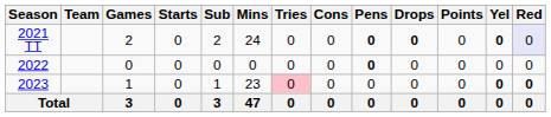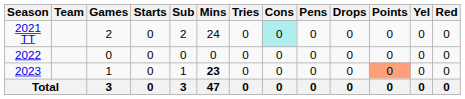 <table class="wikitable" style="text-align:center; line-height:90%; font-size:95%; width:60%;">
 <tr>
 <th>Season</th>
 <th>Team</th>
 <th>Games</th>
 <th>Starts</th>
 <th>Sub</th>
 <th>Mins</th>
 <th>Tries</th>
 <th>Cons</th>
 <th>Pens</th>
 <th>Drops</th>
 <th>Points</th>
 <th>Yel</th>
 <th>Red</th>
 </tr>
 <tr>
 <td><a href='#'>2021 TT</a></td>
 <td></td>
 <td>2</td>
 <td>0</td>
 <td>2</td>
 <td>24</td>
 <td>0</td>
+<td style="background: paleturquoise;">0</td>
 <td>0</td>
-<td><strong>0</strong></td>
-<td><strong>0</strong></td>
 <td>0</td>
-<td><strong>0</strong></td>
-<td style="background: lavender;">0</td>
+<td>0</td>
+<td>0</td>
+<td>0</td>
 </tr>
 <tr>
 <td><a href='#'>2022</a></td>
 <td></td>
 <td>0</td>
 <td>0</td>
 <td>0</td>
 <td>0</td>
 <td>0</td>
 <td>0</td>
-<td><strong>0</strong></td>
+<td>0</td>
 <td>0</td>
 <td>0</td>
 <td>0</td>
 <td>0</td>
 </tr>
 <tr>
 <td><a href='#'>2023</a></td>
 <td></td>
 <td>1</td>
 <td>0</td>
 <td>1</td>
-<td>23</td>
-<td style="background: pink;">0</td>
+<td><strong>23</strong></td>
 <td>0</td>
 <td>0</td>
 <td>0</td>
 <td>0</td>
-<td><strong>0</strong></td>
-<td><strong>0</strong></td>
+<td style="background: lightsalmon;">0</td>
+<td>0</td>
+<td>0</td>
 </tr>
 <tr>
 <th colspan="2">Total</th>
 <th>3</th>
 <th>0</th>
 <th>3</th>
 <th>47</th>
 <th>0</th>
 <th>0</th>
 <th>0</th>
 <th>0</th>
 <th>0</th>
 <th>0</th>
 <th>0</th>
 </tr>
 </table>
